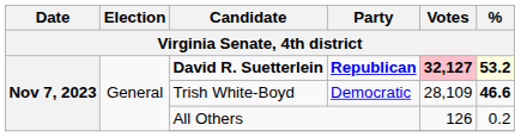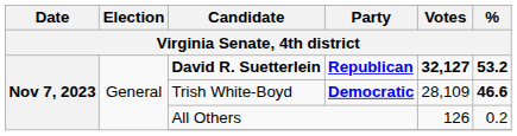 <table class="wikitable">
 <tr>
 <th>Date</th>
 <th>Election</th>
 <th>Candidate</th>
 <th>Party</th>
 <th>Votes</th>
 <th>%</th>
 </tr>
 <tr>
 <th colspan="6">Virginia Senate, 4th district</th>
 </tr>
 <tr>
 <th rowspan="5">Nov 7, 2023</th>
 <td rowspan="5" align="center">General</td>
 <td><strong>David R. Suetterlein</strong></td>
 <td><strong><a href='#'>Republican</a></strong></td>
-<td align="right" style="background: pink;"><strong>32,127</strong></td>
-<td align="right" style="background: lightyellow;"><strong>53.2</strong></td>
+<td align="right"><strong>32,127</strong></td>
+<td align="right"><strong>53.2</strong></td>
 </tr>
 <tr>
 <td>Trish White-Boyd</td>
-<td><a href='#'>Democratic</a></td>
+<td><strong><a href='#'>Democratic</a></strong></td>
 <td align="right">28,109</td>
 <td align="right"><strong>46.6</strong></td>
 </tr>
 <tr>
 <td colspan="2">All Others</td>
 <td align="right">126</td>
 <td align="right">0.2</td>
 </tr>
 <tr>
 </tr>
 </table>
